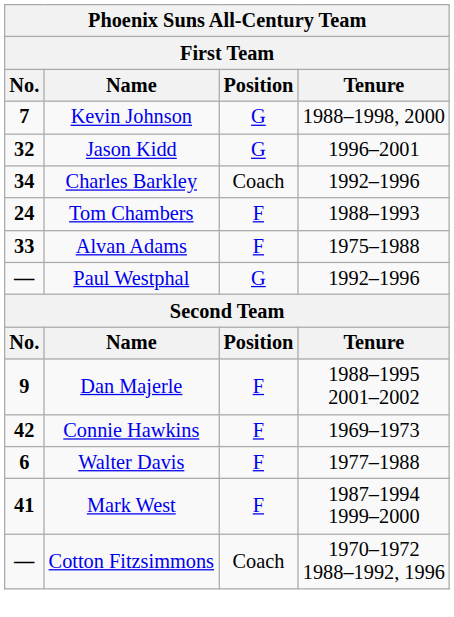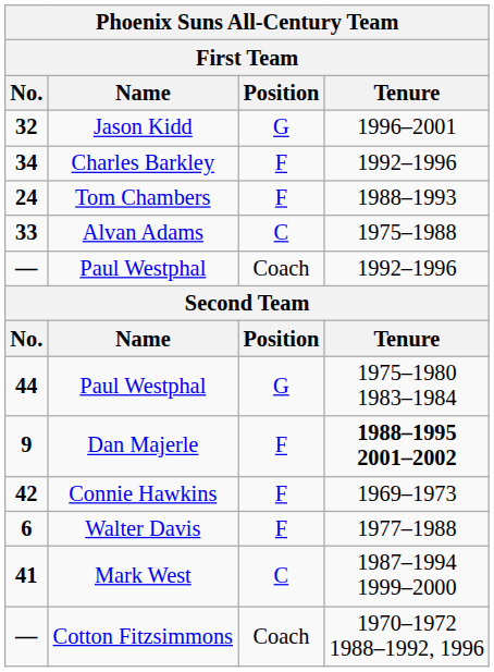 <table class="wikitable" style="text-align:center">
 <tr>
 <th colspan="4">Phoenix Suns All-Century Team</th>
 </tr>
 <tr>
 <th colspan="4" style="text-align:center; ">First Team</th>
 </tr>
 <tr>
 <th>No.</th>
 <th>Name</th>
 <th>Position</th>
 <th>Tenure</th>
 </tr>
 <tr>
-<td><strong>7</strong></td>
-<td><a href='#'>Kevin Johnson</a></td>
-<td><a href='#'>G</a></td>
-<td>1988–1998, 2000</td>
-</tr>
-<tr>
 <td><strong>32</strong></td>
 <td><a href='#'>Jason Kidd</a></td>
 <td><a href='#'>G</a></td>
 <td>1996–2001</td>
 </tr>
 <tr>
 <td><strong>34</strong></td>
 <td><a href='#'>Charles Barkley</a></td>
-<td>Coach</td>
+<td><a href='#'>F</a></td>
 <td>1992–1996</td>
 </tr>
 <tr>
 <td><strong>24</strong></td>
 <td><a href='#'>Tom Chambers</a></td>
 <td><a href='#'>F</a></td>
 <td>1988–1993</td>
 </tr>
 <tr>
 <td><strong>33</strong></td>
 <td><a href='#'>Alvan Adams</a></td>
-<td><a href='#'>F</a></td>
+<td><a href='#'>C</a></td>
 <td>1975–1988</td>
 </tr>
 <tr>
 <td><strong>—</strong></td>
 <td><a href='#'>Paul Westphal</a></td>
-<td><a href='#'>G</a></td>
+<td>Coach</td>
 <td>1992–1996</td>
 </tr>
 <tr>
 <th colspan="4" style="text-align:center; ">Second Team</th>
 </tr>
 <tr>
 <th>No.</th>
 <th>Name</th>
 <th>Position</th>
 <th>Tenure</th>
 </tr>
 <tr>
+<td><strong>44</strong></td>
+<td><a href='#'>Paul Westphal</a></td>
+<td><a href='#'>G</a></td>
+<td>1975–1980<br>1983–1984</td>
+</tr>
+<tr>
 <td><strong>9</strong></td>
 <td><a href='#'>Dan Majerle</a></td>
 <td><a href='#'>F</a></td>
-<td>1988–1995<br>2001–2002</td>
+<td><strong>1988–1995<br>2001–2002</strong></td>
 </tr>
 <tr>
 <td><strong>42</strong></td>
 <td><a href='#'>Connie Hawkins</a></td>
 <td><a href='#'>F</a></td>
 <td>1969–1973</td>
 </tr>
 <tr>
 <td><strong>6</strong></td>
 <td><a href='#'>Walter Davis</a></td>
 <td><a href='#'>F</a></td>
 <td>1977–1988</td>
 </tr>
 <tr>
 <td><strong>41</strong></td>
 <td><a href='#'>Mark West</a></td>
-<td><a href='#'>F</a></td>
+<td><a href='#'>C</a></td>
 <td>1987–1994<br>1999–2000</td>
 </tr>
 <tr>
 <td><strong>—</strong></td>
 <td><a href='#'>Cotton Fitzsimmons</a></td>
 <td>Coach</td>
 <td>1970–1972<br>1988–1992, 1996</td>
 </tr>
 </table>
